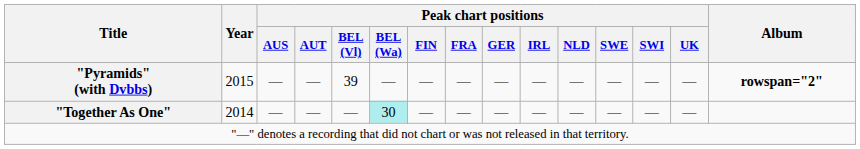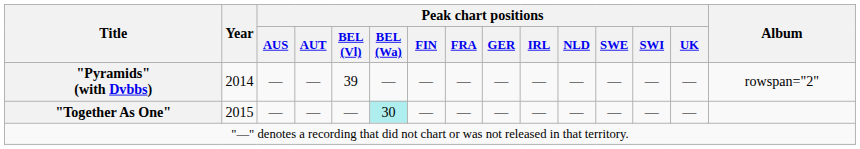 <table class="wikitable plainrowheaders" style="text-align:center;">
 <tr>
 <th scope="col" rowspan="2" style="width:15em;">Title</th>
 <th scope="col" rowspan="2" style="width:1em;">Year</th>
 <th scope="col" colspan="12">Peak chart positions</th>
 <th scope="col" rowspan="2" style="width:10em;">Album</th>
 </tr>
 <tr>
 <th scope="col" style="width:2.5em;font-size:90%;"><a href='#'>AUS</a><br></th>
 <th scope="col" style="width:2.5em;font-size:90%;"><a href='#'>AUT</a><br></th>
 <th scope="col" style="width:2.5em;font-size:90%;"><a href='#'>BEL (Vl)</a><br></th>
 <th scope="col" style="width:2.5em;font-size:90%;"><a href='#'>BEL (Wa)</a><br></th>
 <th scope="col" style="width:2.5em;font-size:90%;"><a href='#'>FIN</a><br></th>
 <th scope="col" style="width:2.5em;font-size:90%;"><a href='#'>FRA</a><br></th>
 <th scope="col" style="width:2.5em;font-size:90%;"><a href='#'>GER</a><br></th>
 <th scope="col" style="width:2.5em;font-size:90%;"><a href='#'>IRL</a><br></th>
 <th scope="col" style="width:2.5em;font-size:90%;"><a href='#'>NLD</a><br></th>
 <th scope="col" style="width:2.5em;font-size:90%;"><a href='#'>SWE</a><br></th>
 <th scope="col" style="width:2.5em;font-size:90%;"><a href='#'>SWI</a><br></th>
 <th scope="col" style="width:2.5em;font-size:90%;"><a href='#'>UK</a><br></th>
 </tr>
 <tr>
 <th scope="row">"Pyramids" <br><span>(with <a href='#'>Dvbbs</a>)</span></th>
-<td>2015</td>
+<td>2014</td>
 <td>—</td>
 <td>—</td>
 <td>39</td>
 <td>—</td>
 <td>—</td>
 <td>—</td>
 <td>—</td>
 <td>—</td>
 <td>—</td>
 <td>—</td>
 <td>—</td>
 <td>—</td>
-<td><strong>rowspan="2" </strong></td>
+<td>rowspan="2" </td>
 </tr>
 <tr>
 <th scope="row">"Together As One"</th>
-<td>2014</td>
+<td>2015</td>
 <td>—</td>
 <td>—</td>
 <td>—</td>
 <td style="background: paleturquoise;">30</td>
 <td>—</td>
 <td>—</td>
 <td>—</td>
 <td>—</td>
 <td>—</td>
 <td>—</td>
 <td>—</td>
 <td>—</td>
 </tr>
 <tr>
 <td colspan="16" style="font-size:90%">"—" denotes a recording that did not chart or was not released in that territory.</td>
 </tr>
 </table>
